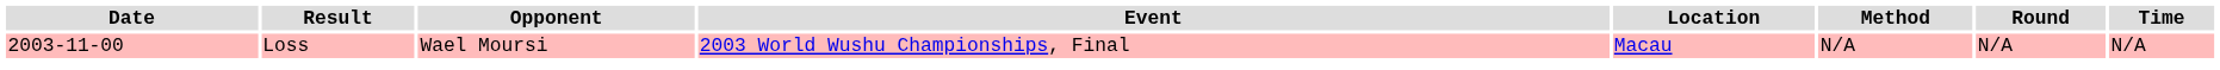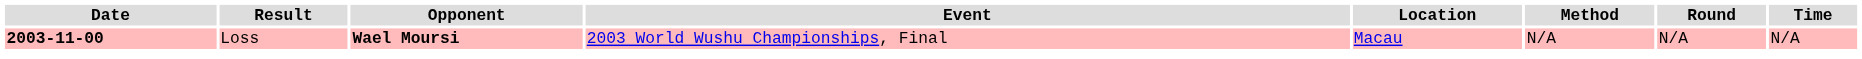 <table class="toccolours"  style="width:100%; clear:both; margin:1.5em auto; font-size:85%;">
 <tr>
 </tr>
 <tr style="background:#ddd;">
 <th>Date</th>
 <th>Result</th>
 <th>Opponent</th>
 <th>Event</th>
 <th>Location</th>
 <th>Method</th>
 <th>Round</th>
 <th>Time</th>
 </tr>
 <tr style="background:#fbb;">
-<td>2003-11-00</td>
+<td><strong>2003-11-00</strong></td>
 <td>Loss</td>
-<td align=left> Wael Moursi</td>
+<td align=left><strong> Wael Moursi</strong></td>
 <td><a href='#'>2003 World Wushu Championships</a>, Final</td>
 <td><a href='#'>Macau</a></td>
 <td>N/A</td>
 <td>N/A</td>
 <td>N/A</td>
 </tr>
 <tr>
 <th style=background:white colspan=9></th>
 </tr>
 </table>
